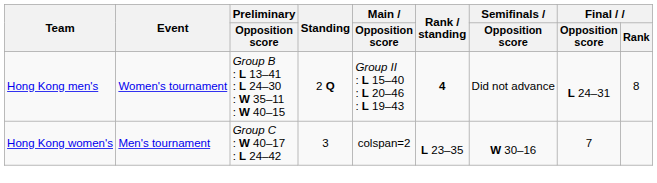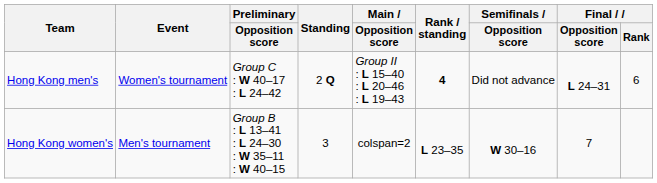 <table class=wikitable style=font-size:90%;text-align:center>
 <tr>
 <th rowspan=2>Team</th>
 <th rowspan=2>Event</th>
 <th>Preliminary</th>
 <th rowspan=2>Standing</th>
 <th>Main / </th>
 <th rowspan=2>Rank /<br> standing</th>
 <th>Semifinals / </th>
 <th colspan=2>Final /  / </th>
 </tr>
 <tr style="font-size:95%">
 <th>Opposition<br> score</th>
 <th>Opposition<br> score</th>
 <th>Opposition<br> score</th>
 <th>Opposition<br> score</th>
 <th>Rank</th>
 </tr>
 <tr>
 <td align=left><a href='#'>Hong Kong men's</a></td>
 <td align=left><a href='#'>Women's tournament</a></td>
-<td align=left><em>Group B</em><br>: <strong>L</strong> 13–41<br>: <strong>L</strong> 24–30<br>: <strong>W</strong> 35–11<br>: <strong>W</strong> 40–15</td>
+<td align=left><em>Group C</em><br>: <strong>W</strong> 40–17<br>: <strong>L</strong> 24–42</td>
 <td>2 <strong>Q</strong></td>
 <td align=left><em>Group II</em><br>: <strong>L</strong> 15–40<br>: <strong>L</strong> 20–46<br>: <strong>L</strong> 19–43</td>
 <td><strong>4</strong></td>
 <td>Did not advance</td>
 <td><br><strong>L</strong> 24–31</td>
-<td>8</td>
+<td>6</td>
 </tr>
 <tr>
 <td align=left><a href='#'>Hong Kong women's</a></td>
 <td align=left><a href='#'>Men's tournament</a></td>
-<td align=left><em>Group C</em><br>: <strong>W</strong> 40–17<br>: <strong>L</strong> 24–42</td>
+<td align=left><em>Group B</em><br>: <strong>L</strong> 13–41<br>: <strong>L</strong> 24–30<br>: <strong>W</strong> 35–11<br>: <strong>W</strong> 40–15</td>
 <td>3</td>
 <td>colspan=2 </td>
 <td><br><strong>L</strong> 23–35</td>
 <td><br><strong>W</strong> 30–16</td>
 <td>7</td>
 </tr>
 </table>
